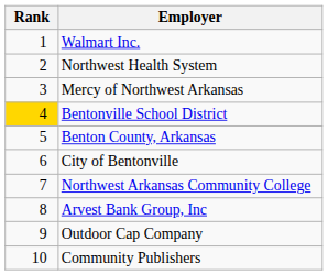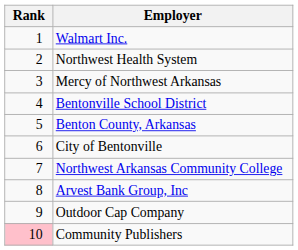 <table class="wikitable" style="float:right;"  border="1">
 <tr>
 <th style="width: 3em;">Rank</th>
 <th style="width: 17em;">Employer</th>
 </tr>
 <tr>
 <td align="right">1  </td>
 <td><a href='#'>Walmart Inc.</a></td>
 </tr>
 <tr>
 <td align="right">2  </td>
 <td>Northwest Health System</td>
 </tr>
 <tr>
 <td align="right">3  </td>
 <td>Mercy of Northwest Arkansas</td>
 </tr>
 <tr>
-<td align="right" style="background: gold;">4  </td>
+<td align="right">4  </td>
 <td><a href='#'>Bentonville School District</a></td>
 </tr>
 <tr>
 <td align="right">5  </td>
 <td><a href='#'>Benton County, Arkansas</a></td>
 </tr>
 <tr>
 <td align="right">6  </td>
 <td>City of Bentonville</td>
 </tr>
 <tr>
 <td align="right">7  </td>
 <td><a href='#'>Northwest Arkansas Community College</a></td>
 </tr>
 <tr>
 <td align="right">8  </td>
 <td><a href='#'>Arvest Bank Group, Inc</a></td>
 </tr>
 <tr>
 <td align="right">9  </td>
 <td>Outdoor Cap Company</td>
 </tr>
 <tr>
-<td align="right">10  </td>
+<td align="right" style="background: pink;">10  </td>
 <td>Community Publishers</td>
 </tr>
 </table>
